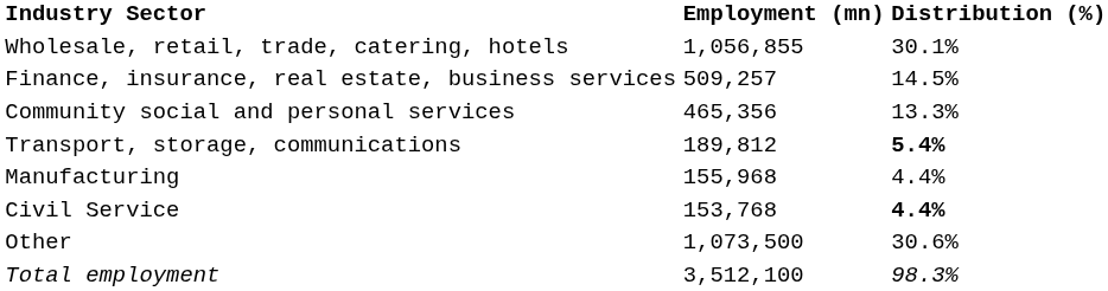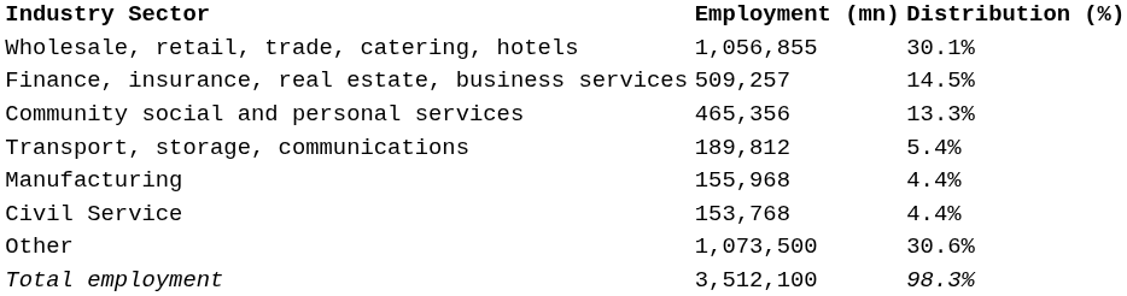 <table>
 <tr>
 <td><strong>Industry Sector</strong></td>
 <td><strong>Employment (mn)</strong></td>
 <td><strong>Distribution (%)</strong></td>
 </tr>
 <tr>
 <td>Wholesale, retail, trade, catering, hotels</td>
 <td>1,056,855</td>
 <td>30.1%</td>
 </tr>
 <tr>
 <td>Finance, insurance, real estate, business services</td>
 <td>509,257</td>
 <td>14.5%</td>
 </tr>
 <tr>
 <td>Community social and personal services</td>
 <td>465,356</td>
 <td>13.3%</td>
 </tr>
 <tr>
 <td>Transport, storage, communications</td>
 <td>189,812</td>
-<td><strong>5.4%</strong></td>
+<td>5.4%</td>
 </tr>
 <tr>
 <td>Manufacturing</td>
 <td>155,968</td>
 <td>4.4%</td>
 </tr>
 <tr>
 <td>Civil Service</td>
 <td>153,768</td>
-<td><strong>4.4%</strong></td>
+<td>4.4%</td>
 </tr>
 <tr>
 <td>Other</td>
 <td>1,073,500</td>
 <td>30.6%</td>
 </tr>
 <tr>
 <td><em>Total employment</em></td>
 <td>3,512,100</td>
 <td><em>98.3%</em></td>
 </tr>
 <tr>
 </tr>
 </table>
